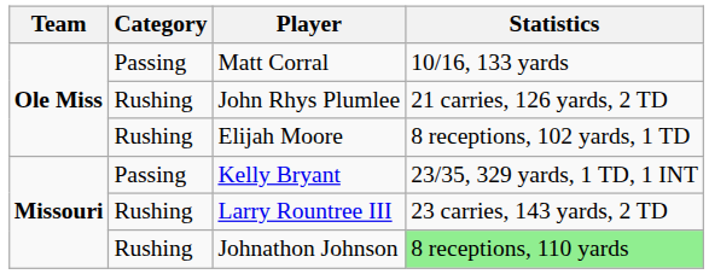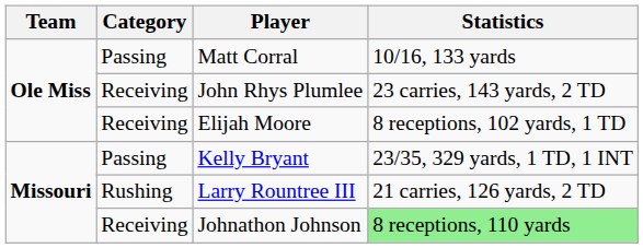 <table class="wikitable" style="float: right;">
 <tr>
 <th>Team</th>
 <th>Category</th>
 <th>Player</th>
 <th>Statistics</th>
 </tr>
 <tr>
 <td rowspan=3><strong>Ole Miss</strong></td>
 <td>Passing</td>
 <td>Matt Corral</td>
 <td>10/16, 133 yards</td>
 </tr>
 <tr>
-<td>Rushing</td>
+<td>Receiving</td>
 <td>John Rhys Plumlee</td>
-<td>21 carries, 126 yards, 2 TD</td>
+<td>23 carries, 143 yards, 2 TD</td>
 </tr>
 <tr>
-<td>Rushing</td>
+<td>Receiving</td>
 <td>Elijah Moore</td>
 <td>8 receptions, 102 yards, 1 TD</td>
 </tr>
 <tr>
 <td rowspan=3><strong>Missouri</strong></td>
 <td>Passing</td>
 <td><a href='#'>Kelly Bryant</a></td>
 <td>23/35, 329 yards, 1 TD, 1 INT</td>
 </tr>
 <tr>
 <td>Rushing</td>
 <td><a href='#'>Larry Rountree III</a></td>
-<td>23 carries, 143 yards, 2 TD</td>
+<td>21 carries, 126 yards, 2 TD</td>
 </tr>
 <tr>
-<td>Rushing</td>
+<td>Receiving</td>
 <td>Johnathon Johnson</td>
 <td style="background: lightgreen;">8 receptions, 110 yards</td>
 </tr>
 </table>
